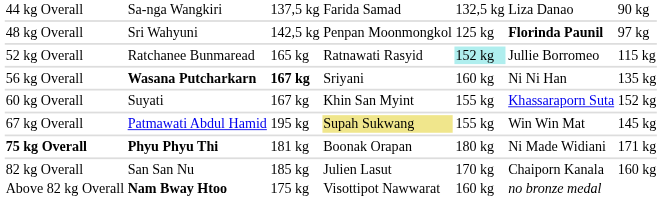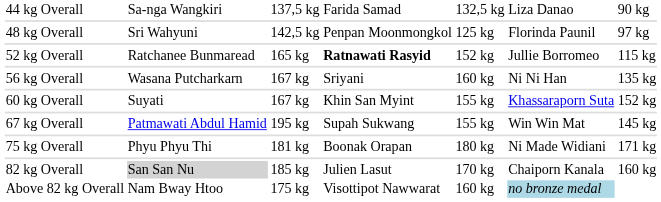 <table>
 <tr>
 <td>44 kg Overall</td>
 <td> Sa-nga Wangkiri</td>
 <td>137,5 kg</td>
 <td> Farida Samad</td>
 <td>132,5 kg</td>
 <td> Liza Danao</td>
 <td>90 kg</td>
 </tr>
 <tr bgcolor=#DDDDDD>
 <td colspan=7></td>
 </tr>
 <tr>
 <td>48 kg Overall</td>
 <td> Sri Wahyuni</td>
 <td>142,5 kg</td>
 <td> Penpan Moonmongkol</td>
 <td>125 kg</td>
-<td><strong> Florinda Paunil</strong></td>
+<td> Florinda Paunil</td>
 <td>97 kg</td>
 </tr>
 <tr bgcolor=#DDDDDD>
 <td colspan=7></td>
 </tr>
 <tr>
 <td>52 kg Overall</td>
 <td> Ratchanee Bunmaread</td>
 <td>165 kg</td>
-<td> Ratnawati Rasyid</td>
-<td style="background: paleturquoise;">152 kg</td>
+<td><strong> Ratnawati Rasyid</strong></td>
+<td>152 kg</td>
 <td> Jullie Borromeo</td>
 <td>115 kg</td>
 </tr>
 <tr bgcolor=#DDDDDD>
 <td colspan=7></td>
 </tr>
 <tr>
 <td>56 kg Overall</td>
-<td><strong> Wasana Putcharkarn</strong></td>
-<td><strong>167 kg</strong></td>
+<td> Wasana Putcharkarn</td>
+<td>167 kg</td>
 <td> Sriyani</td>
 <td>160 kg</td>
 <td> Ni Ni Han</td>
 <td>135 kg</td>
 </tr>
 <tr bgcolor=#DDDDDD>
 <td colspan=7></td>
 </tr>
 <tr>
 <td>60 kg Overall</td>
 <td> Suyati</td>
 <td>167 kg</td>
 <td> Khin San Myint</td>
 <td>155 kg</td>
 <td> <a href='#'>Khassaraporn Suta</a></td>
 <td>152 kg</td>
 </tr>
 <tr bgcolor=#DDDDDD>
 <td colspan=7></td>
 </tr>
 <tr>
 <td>67 kg Overall</td>
 <td> <a href='#'>Patmawati Abdul Hamid</a></td>
 <td>195 kg</td>
-<td style="background: khaki;"> Supah Sukwang</td>
+<td> Supah Sukwang</td>
 <td>155 kg</td>
 <td> Win Win Mat</td>
 <td>145 kg</td>
 </tr>
 <tr bgcolor=#DDDDDD>
 <td colspan=7></td>
 </tr>
 <tr>
-<td><strong>75 kg Overall</strong></td>
-<td><strong> Phyu Phyu Thi</strong></td>
+<td>75 kg Overall</td>
+<td> Phyu Phyu Thi</td>
 <td>181 kg</td>
 <td> Boonak Orapan</td>
 <td>180 kg</td>
 <td> Ni Made Widiani</td>
 <td>171 kg</td>
 </tr>
 <tr bgcolor=#DDDDDD>
 <td colspan=7></td>
 </tr>
 <tr>
 <td>82 kg Overall</td>
-<td> San San Nu</td>
+<td style="background: lightgrey;"> San San Nu</td>
 <td>185 kg</td>
 <td> Julien Lasut</td>
 <td>170 kg</td>
 <td> Chaiporn Kanala</td>
 <td>160 kg</td>
 </tr>
 <tr>
 <td>Above 82 kg Overall</td>
-<td><strong> Nam Bway Htoo</strong></td>
+<td> Nam Bway Htoo</td>
 <td>175 kg</td>
 <td> Visottipot Nawwarat</td>
 <td>160 kg</td>
-<td><em>no bronze medal</em></td>
+<td style="background: lightblue;"><em>no bronze medal</em></td>
 <td></td>
 </tr>
 </table>
